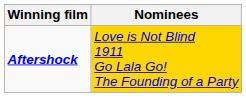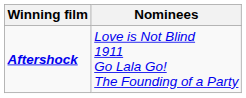 <table class="wikitable">
 <tr>
 <th>Winning film</th>
 <th>Nominees</th>
 </tr>
 <tr>
 <td><strong><em><a href='#'>Aftershock</a></em></strong></td>
-<td style="background: gold;"><em><a href='#'>Love is Not Blind</a></em><br><em><a href='#'>1911</a></em><br><em><a href='#'>Go Lala Go!</a></em><br><em><a href='#'>The Founding of a Party</a></em></td>
+<td><em><a href='#'>Love is Not Blind</a></em><br><em><a href='#'>1911</a></em><br><em><a href='#'>Go Lala Go!</a></em><br><em><a href='#'>The Founding of a Party</a></em></td>
 </tr>
 </table>
